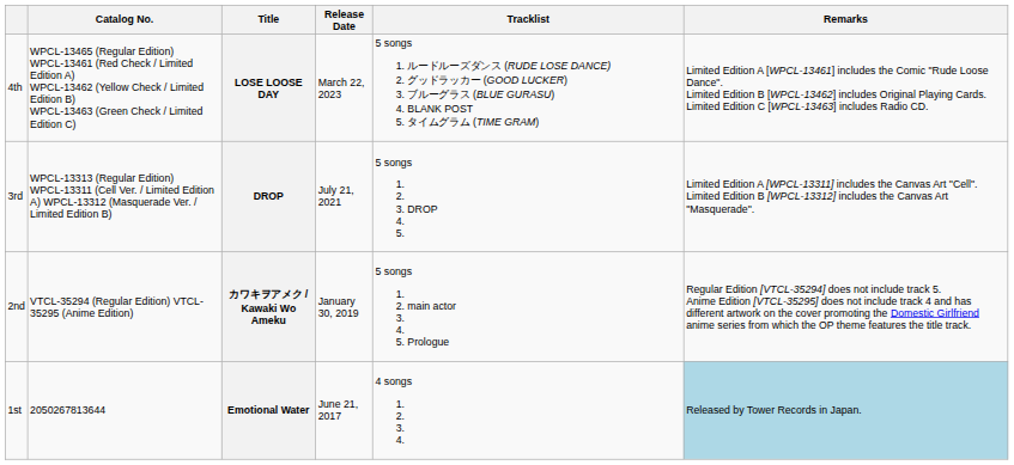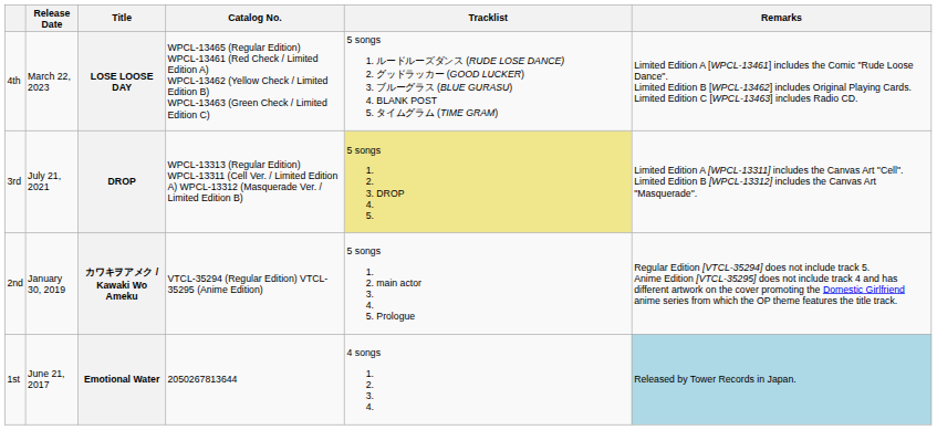 <table class="wikitable" style="font-size:small">
 <tr>
 <th> </th>
+<th>Release Date</th>
+<th>Title</th>
 <th>Catalog No.</th>
-<th>Title</th>
-<th>Release Date</th>
 <th style="width:31%">Tracklist</th>
 <th>Remarks</th>
 </tr>
 <tr>
 <td>4th</td>
+<td>March 22, 2023</td>
+<th>LOSE LOOSE DAY</th>
 <td>WPCL-13465 (Regular Edition)<br>WPCL-13461 (Red Check / Limited Edition A)<br>WPCL-13462 (Yellow Check / Limited Edition B)<br>WPCL-13463 (Green Check / Limited Edition C)</td>
-<th>LOSE LOOSE DAY</th>
-<td>March 22, 2023</td>
 <td>5 songs<br><ol><li>ルードルーズダンス (<em>RUDE LOSE DANCE)</em></li><li>グッドラッカー (<em>GOOD LUCKER</em>)</li><li>ブルーグラス (<em>BLUE GURASU</em>)</li><li>BLANK POST</li><li>タイムグラム (<em>TIME GRAM</em>)</li></ol></td>
 <td>Limited Edition A [<em>WPCL-13461</em>] includes the Comic "Rude Loose Dance".<br>Limited Edition B [<em>WPCL-13462</em>] includes Original Playing Cards.<br>Limited Edition C [<em>WPCL-13463</em>] includes Radio CD.</td>
 </tr>
 <tr>
 <td>3rd</td>
+<td>July 21, 2021</td>
+<th>DROP</th>
 <td>WPCL-13313 (Regular Edition)<br>WPCL-13311 (Cell Ver. / Limited Edition A)                  WPCL-13312 (Masquerade Ver. / Limited Edition B)</td>
-<th>DROP</th>
-<td>July 21, 2021</td>
-<td><br>5 songs<ol><li></li><li></li><li>DROP</li><li></li><li></li></ol></td>
+<td style="background: khaki;"><br>5 songs<ol><li></li><li></li><li>DROP</li><li></li><li></li></ol></td>
 <td>Limited Edition A <em>[WPCL-13311]</em> includes the Canvas Art "Cell".<br>Limited Edition B <em>[WPCL-13312]</em> includes the Canvas Art "Masquerade".</td>
 </tr>
 <tr>
 <td>2nd</td>
+<td>January 30, 2019</td>
+<th>カワキヲアメク / Kawaki Wo Ameku</th>
 <td>VTCL-35294 (Regular Edition) VTCL-35295 (Anime Edition)</td>
-<th>カワキヲアメク / Kawaki Wo Ameku</th>
-<td>January 30, 2019</td>
 <td><br>5 songs<ol><li></li><li>main actor</li><li></li><li></li><li>Prologue</li></ol></td>
 <td>Regular Edition <em>[VTCL-35294]</em> does not include track 5.<br>Anime Edition <em>[VTCL-35295]</em> does not include track 4 and has different artwork on the cover promoting the <a href='#'>Domestic Girlfriend</a> anime series from which the OP theme features the title track.</td>
 </tr>
 <tr>
 <td>1st</td>
+<td>June 21, 2017</td>
+<th>Emotional Water</th>
 <td>2050267813644</td>
-<th>Emotional Water</th>
-<td>June 21, 2017</td>
 <td><br>4 songs<ol><li></li><li></li><li></li><li></li></ol></td>
 <td style="background: lightblue;">Released by Tower Records in Japan.</td>
 </tr>
 </table>
